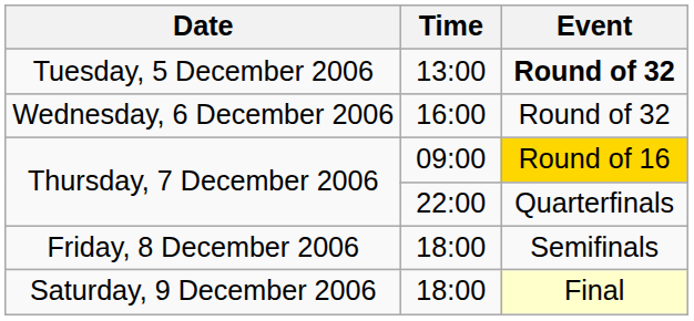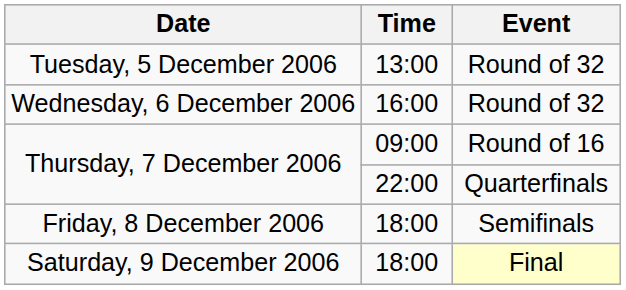 <table class = "wikitable" style="text-align:center;">
 <tr>
 <th width=220>Date</th>
 <th width=50>Time</th>
 <th width=100>Event</th>
 </tr>
 <tr>
 <td>Tuesday, 5 December 2006</td>
 <td>13:00</td>
-<td><strong>Round of 32</strong></td>
+<td>Round of 32</td>
 </tr>
 <tr>
 <td>Wednesday, 6 December 2006</td>
 <td>16:00</td>
 <td>Round of 32</td>
 </tr>
 <tr>
 <td rowspan=2>Thursday, 7 December 2006</td>
 <td>09:00</td>
-<td style="background: gold;">Round of 16</td>
+<td>Round of 16</td>
 </tr>
 <tr>
 <td>22:00</td>
 <td>Quarterfinals</td>
 </tr>
 <tr>
 <td>Friday, 8 December 2006</td>
 <td>18:00</td>
 <td>Semifinals</td>
 </tr>
 <tr>
 <td>Saturday, 9 December 2006</td>
 <td>18:00</td>
 <td bgcolor=ffffcc>Final</td>
 </tr>
 </table>
